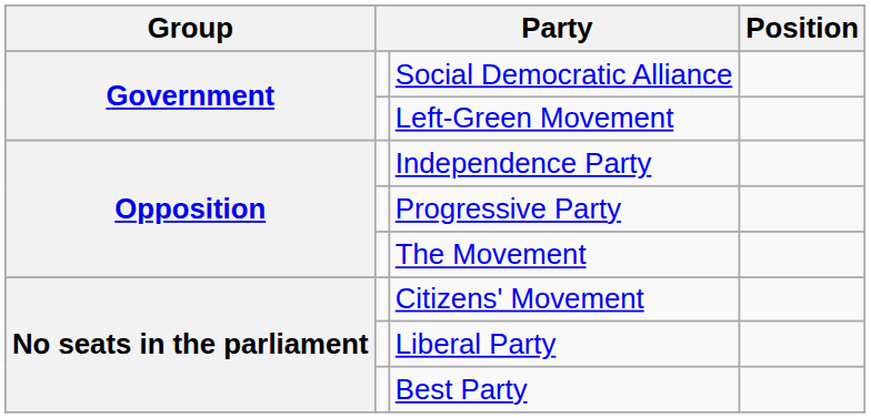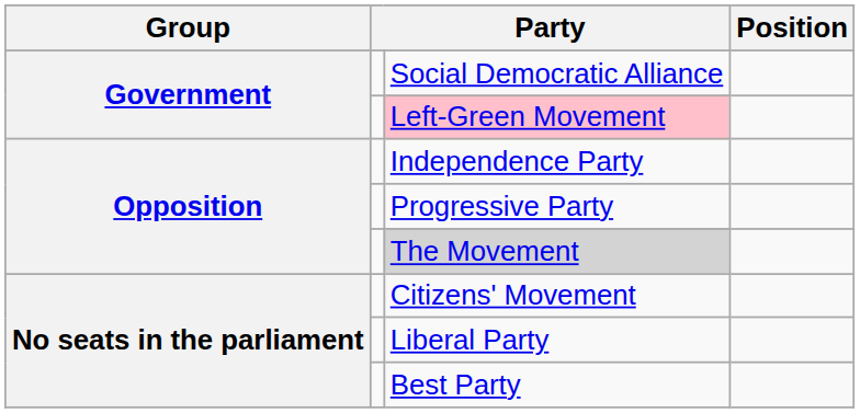 <table class="wikitable" style="font-size: 90%;">
 <tr>
 <th>Group</th>
 <th colspan="2">Party</th>
 <th>Position</th>
 </tr>
 <tr>
 <th rowspan="2" style="vertical-align: center;"><a href='#'>Government</a></th>
 <td></td>
 <td><a href='#'>Social Democratic Alliance</a></td>
 <td></td>
 </tr>
 <tr>
 <td></td>
-<td><a href='#'>Left-Green Movement</a></td>
+<td style="background: pink;"><a href='#'>Left-Green Movement</a></td>
 <td></td>
 </tr>
 <tr>
 <th rowspan="3" style="vertical-align: center;"><a href='#'>Opposition</a></th>
 <td></td>
 <td><a href='#'>Independence Party</a></td>
 <td></td>
 </tr>
 <tr>
 <td></td>
 <td><a href='#'>Progressive Party</a></td>
 <td></td>
 </tr>
 <tr>
 <td></td>
-<td><a href='#'>The Movement</a></td>
+<td style="background: lightgrey;"><a href='#'>The Movement</a></td>
 <td></td>
 </tr>
 <tr>
 <th rowspan="3" style="vertical-align: center;">No seats in the parliament</th>
 <td></td>
 <td><a href='#'>Citizens' Movement</a></td>
 <td></td>
 </tr>
 <tr>
 <td></td>
 <td><a href='#'>Liberal Party</a></td>
 <td></td>
 </tr>
 <tr>
 <td></td>
 <td><a href='#'>Best Party</a></td>
 <td></td>
 </tr>
 </table>
